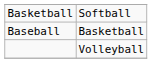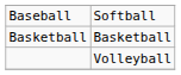 <table class="wikitable" style="float:right; clear:right; margin:0 0 1em 1em;">
 <tr>
 </tr>
 <tr>
-<td>Basketball</td>
+<td>Baseball</td>
 <td>Softball</td>
 </tr>
 <tr>
-<td>Baseball</td>
+<td>Basketball</td>
 <td>Basketball</td>
 </tr>
 <tr>
 <td></td>
 <td>Volleyball</td>
 </tr>
 <tr>
 </tr>
 </table>
